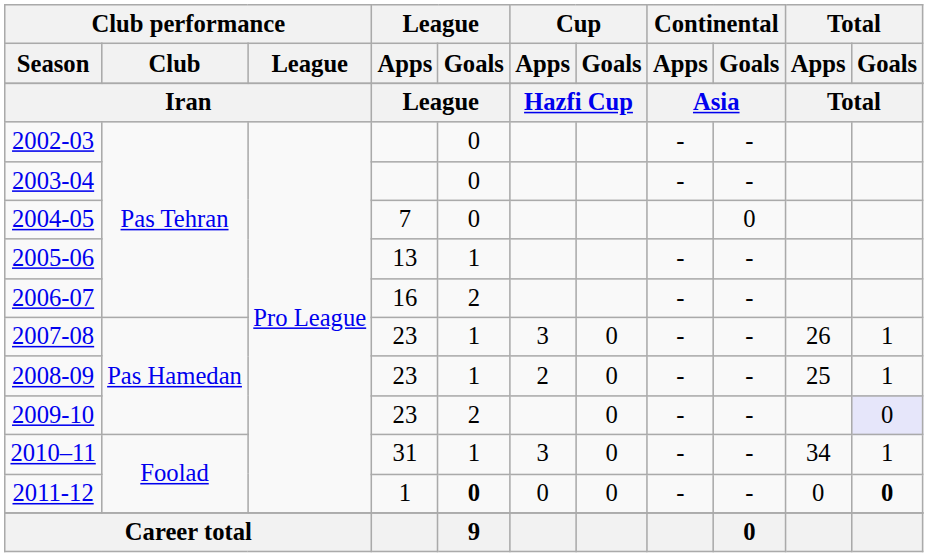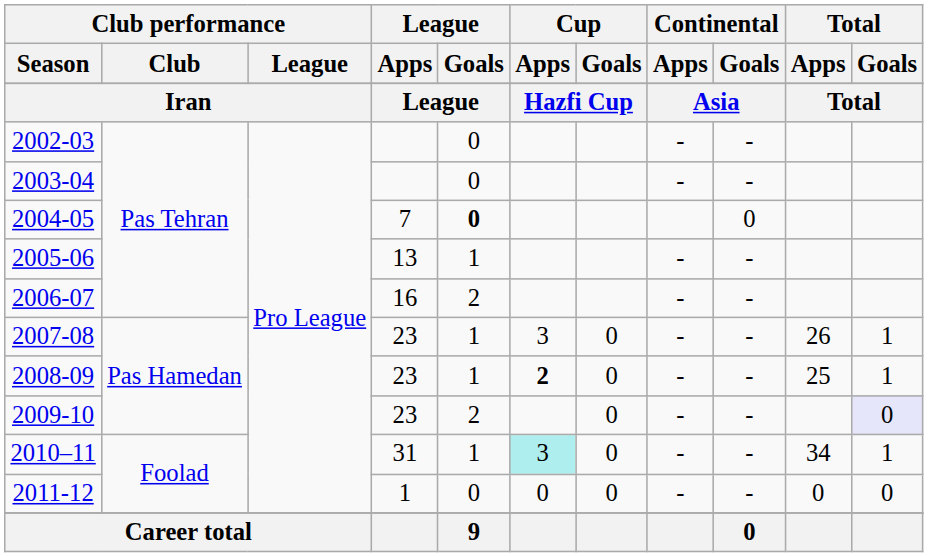 <table class="wikitable" style="text-align:center">
 <tr>
 <th colspan=3>Club performance</th>
 <th colspan=2>League</th>
 <th colspan=2>Cup</th>
 <th colspan=2>Continental</th>
 <th colspan=2>Total</th>
 </tr>
 <tr>
 <th>Season</th>
 <th>Club</th>
 <th>League</th>
 <th>Apps</th>
 <th>Goals</th>
 <th>Apps</th>
 <th>Goals</th>
 <th>Apps</th>
 <th>Goals</th>
 <th>Apps</th>
 <th>Goals</th>
 </tr>
 <tr>
 </tr>
 <tr>
 <th colspan=3>Iran</th>
 <th colspan=2>League</th>
 <th colspan=2><a href='#'>Hazfi Cup</a></th>
 <th colspan=2><a href='#'>Asia</a></th>
 <th colspan=2>Total</th>
 </tr>
 <tr>
 <td><a href='#'>2002-03</a></td>
 <td rowspan="5"><a href='#'>Pas Tehran</a></td>
 <td rowspan="10"><a href='#'>Pro League</a></td>
 <td></td>
 <td>0</td>
 <td></td>
 <td></td>
 <td>-</td>
 <td>-</td>
 <td></td>
 <td></td>
 </tr>
 <tr>
 <td><a href='#'>2003-04</a></td>
 <td></td>
 <td>0</td>
 <td></td>
 <td></td>
 <td>-</td>
 <td>-</td>
 <td></td>
 <td></td>
 </tr>
 <tr>
 <td><a href='#'>2004-05</a></td>
 <td>7</td>
-<td>0</td>
+<td><strong>0</strong></td>
 <td></td>
 <td></td>
 <td></td>
 <td>0</td>
 <td></td>
 <td></td>
 </tr>
 <tr>
 <td><a href='#'>2005-06</a></td>
 <td>13</td>
 <td>1</td>
 <td></td>
 <td></td>
 <td>-</td>
 <td>-</td>
 <td></td>
 <td></td>
 </tr>
 <tr>
 <td><a href='#'>2006-07</a></td>
 <td>16</td>
 <td>2</td>
 <td></td>
 <td></td>
 <td>-</td>
 <td>-</td>
 <td></td>
 <td></td>
 </tr>
 <tr>
 <td><a href='#'>2007-08</a></td>
 <td rowspan="3"><a href='#'>Pas Hamedan</a></td>
 <td>23</td>
 <td>1</td>
 <td>3</td>
 <td>0</td>
 <td>-</td>
 <td>-</td>
 <td>26</td>
 <td>1</td>
 </tr>
 <tr>
 <td><a href='#'>2008-09</a></td>
 <td>23</td>
 <td>1</td>
-<td>2</td>
+<td><strong>2</strong></td>
 <td>0</td>
 <td>-</td>
 <td>-</td>
 <td>25</td>
 <td>1</td>
 </tr>
 <tr>
 <td><a href='#'>2009-10</a></td>
 <td>23</td>
 <td>2</td>
 <td></td>
 <td>0</td>
 <td>-</td>
 <td>-</td>
 <td></td>
 <td style="background: lavender;">0</td>
 </tr>
 <tr>
 <td><a href='#'>2010–11</a></td>
 <td rowspan="2"><a href='#'>Foolad</a></td>
 <td>31</td>
 <td>1</td>
-<td>3</td>
+<td style="background: paleturquoise;">3</td>
 <td>0</td>
 <td>-</td>
 <td>-</td>
 <td>34</td>
 <td>1</td>
 </tr>
 <tr>
 <td><a href='#'>2011-12</a></td>
 <td>1</td>
-<td><strong>0</strong></td>
+<td>0</td>
 <td>0</td>
 <td>0</td>
 <td>-</td>
 <td>-</td>
 <td>0</td>
-<td><strong>0</strong></td>
+<td>0</td>
 </tr>
 <tr>
 </tr>
 <tr>
 <th colspan=3>Career total</th>
 <th></th>
 <th>9</th>
 <th></th>
 <th></th>
 <th></th>
 <th>0</th>
 <th></th>
 <th></th>
 </tr>
 </table>
